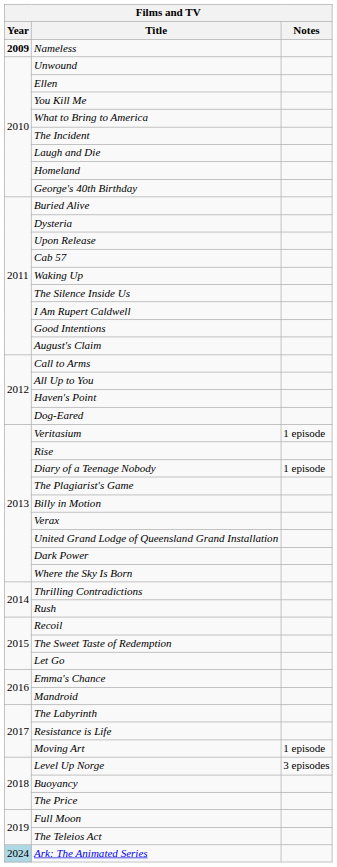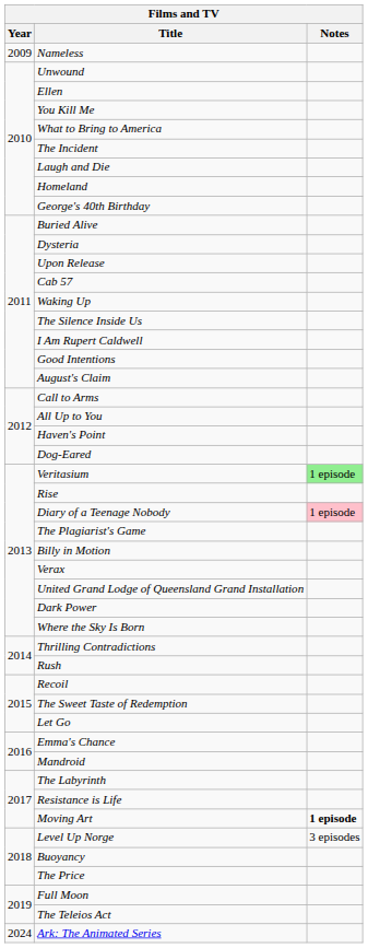 <table class="wikitable sortable" width="auto">
 <tr>
 <th colspan="4">Films and TV</th>
 </tr>
 <tr>
 <th>Year</th>
 <th>Title</th>
 <th>Notes</th>
 </tr>
 <tr>
-<td><strong>2009</strong></td>
+<td>2009</td>
 <td><em>Nameless</em></td>
 <td></td>
 </tr>
 <tr>
 <td rowspan="8">2010</td>
 <td><em>Unwound</em></td>
 <td></td>
 </tr>
 <tr>
 <td><em>Ellen</em></td>
 <td></td>
 </tr>
 <tr>
 <td><em>You Kill Me</em></td>
 <td></td>
 </tr>
 <tr>
 <td><em>What to Bring to America</em></td>
 <td></td>
 </tr>
 <tr>
 <td><em>The Incident</em></td>
 <td></td>
 </tr>
 <tr>
 <td><em>Laugh and Die</em></td>
 <td></td>
 </tr>
 <tr>
 <td><em>Homeland</em></td>
 <td></td>
 </tr>
 <tr>
 <td><em>George's 40th Birthday</em></td>
 <td></td>
 </tr>
 <tr>
 <td rowspan="9">2011</td>
 <td><em>Buried Alive</em></td>
 <td></td>
 </tr>
 <tr>
 <td><em>Dysteria</em></td>
 <td></td>
 </tr>
 <tr>
 <td><em>Upon Release</em></td>
 <td></td>
 </tr>
 <tr>
 <td><em>Cab 57</em></td>
 <td></td>
 </tr>
 <tr>
 <td><em>Waking Up</em></td>
 <td></td>
 </tr>
 <tr>
 <td><em>The Silence Inside Us</em></td>
 <td></td>
 </tr>
 <tr>
 <td><em>I Am Rupert Caldwell</em></td>
 <td></td>
 </tr>
 <tr>
 <td><em>Good Intentions</em></td>
 <td></td>
 </tr>
 <tr>
 <td><em>August's Claim</em></td>
 <td></td>
 </tr>
 <tr>
 <td rowspan="4">2012</td>
 <td><em>Call to Arms</em></td>
 <td></td>
 </tr>
 <tr>
 <td><em>All Up to You</em></td>
 <td></td>
 </tr>
 <tr>
 <td><em>Haven's Point</em></td>
 <td></td>
 </tr>
 <tr>
 <td><em>Dog-Eared</em></td>
 <td></td>
 </tr>
 <tr>
 <td rowspan="9">2013</td>
 <td><em>Veritasium</em></td>
-<td>1 episode</td>
+<td style="background: lightgreen;">1 episode</td>
 </tr>
 <tr>
 <td><em>Rise</em></td>
 <td></td>
 </tr>
 <tr>
 <td><em>Diary of a Teenage Nobody</em></td>
-<td>1 episode</td>
+<td style="background: pink;">1 episode</td>
 </tr>
 <tr>
 <td><em>The Plagiarist's Game</em></td>
 <td></td>
 </tr>
 <tr>
 <td><em>Billy in Motion</em></td>
 <td></td>
 </tr>
 <tr>
 <td><em>Verax</em></td>
 <td></td>
 </tr>
 <tr>
 <td><em>United Grand Lodge of Queensland Grand Installation</em></td>
 <td></td>
 </tr>
 <tr>
 <td><em>Dark Power</em></td>
 <td></td>
 </tr>
 <tr>
 <td><em>Where the Sky Is Born</em></td>
 <td></td>
 </tr>
 <tr>
 <td rowspan="2">2014</td>
 <td><em>Thrilling Contradictions</em></td>
 <td></td>
 </tr>
 <tr>
 <td><em>Rush</em></td>
 <td></td>
 </tr>
 <tr>
 <td rowspan="3">2015</td>
 <td><em>Recoil</em></td>
 <td></td>
 </tr>
 <tr>
 <td><em>The Sweet Taste of Redemption</em></td>
 <td></td>
 </tr>
 <tr>
 <td><em>Let Go</em></td>
 <td></td>
 </tr>
 <tr>
 <td rowspan="2">2016</td>
 <td><em>Emma's Chance</em></td>
 <td></td>
 </tr>
 <tr>
 <td><em>Mandroid</em></td>
 <td></td>
 </tr>
 <tr>
 <td rowspan="3">2017</td>
 <td><em>The Labyrinth</em></td>
 <td></td>
 </tr>
 <tr>
 <td><em>Resistance is Life</em></td>
 <td></td>
 </tr>
 <tr>
 <td><em>Moving Art</em></td>
-<td>1 episode</td>
+<td><strong>1 episode</strong></td>
 </tr>
 <tr>
 <td rowspan="3">2018</td>
 <td><em>Level Up Norge</em></td>
 <td>3 episodes</td>
 </tr>
 <tr>
 <td><em>Buoyancy</em></td>
 <td></td>
 </tr>
 <tr>
 <td><em>The Price</em></td>
 <td></td>
 </tr>
 <tr>
 <td rowspan="2">2019</td>
 <td><em>Full Moon</em></td>
 <td></td>
 </tr>
 <tr>
 <td><em>The Teleios Act</em></td>
 <td></td>
 </tr>
 <tr>
-<td style="background: lightblue;">2024</td>
+<td>2024</td>
 <td><em><a href='#'>Ark: The Animated Series</a></em></td>
 <td></td>
 </tr>
 </table>
